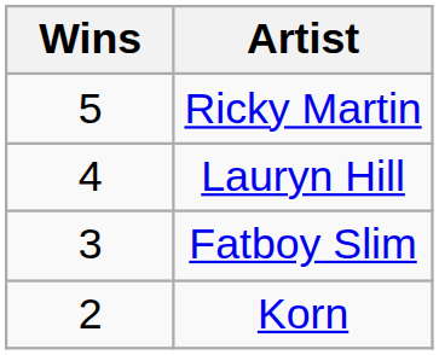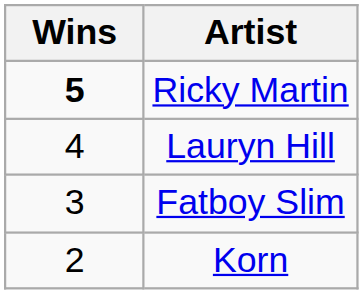 <table class="wikitable" rowspan="2" style="text-align:center">
 <tr>
 <th scope="col" style="width:55px;">Wins</th>
 <th scope="col" style="text-align:center;">Artist</th>
 </tr>
 <tr>
-<td style="text-align:center">5</td>
+<td style="text-align:center"><strong>5</strong></td>
 <td><a href='#'>Ricky Martin</a></td>
 </tr>
 <tr>
 <td style="text-align:center">4</td>
 <td><a href='#'>Lauryn Hill</a></td>
 </tr>
 <tr>
 <td style="text-align:center">3</td>
 <td><a href='#'>Fatboy Slim</a></td>
 </tr>
 <tr>
 <td style="text-align:center">2</td>
 <td><a href='#'>Korn</a></td>
 </tr>
 </table>
